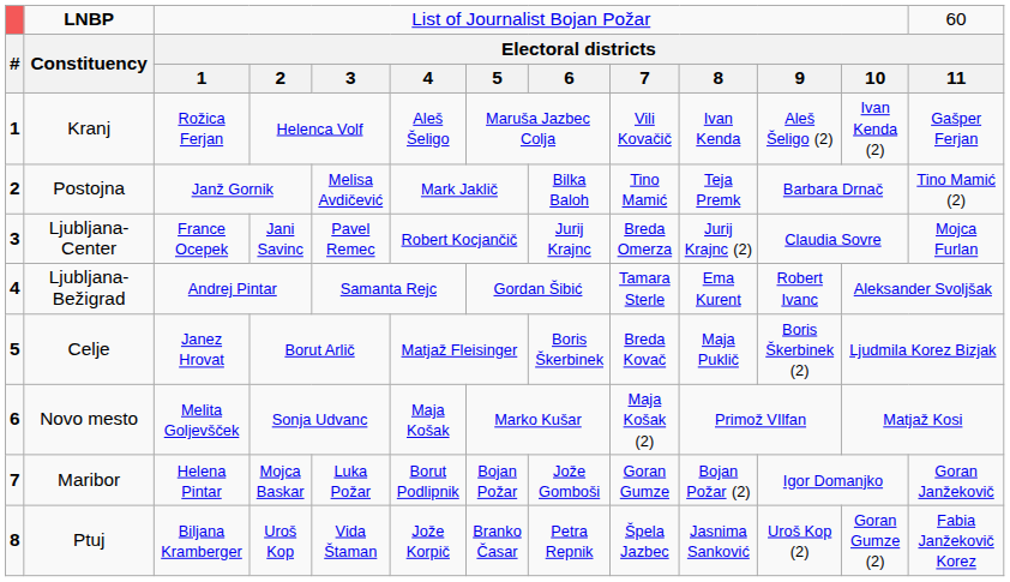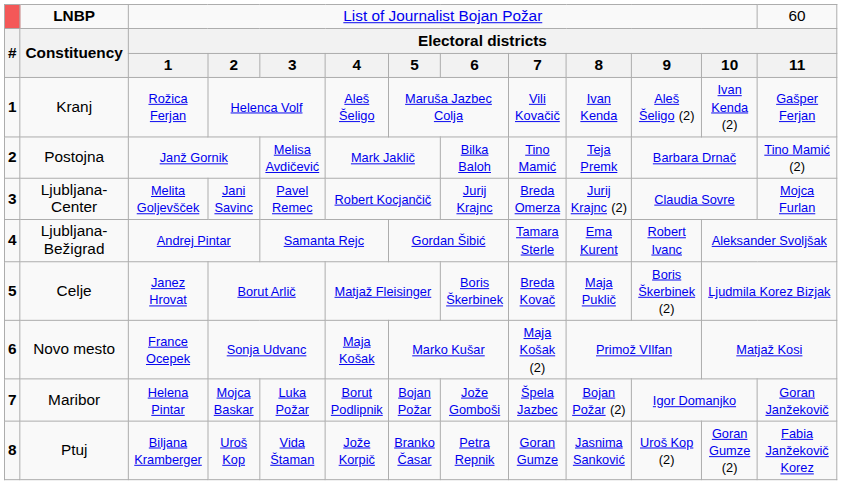 <table class="wikitable" style="text-align: center;">
 <tr>
 <td style="background:#f45858"></td>
 <td><strong>LNBP</strong></td>
 <td colspan="10"><a href='#'>List of Journalist Bojan Požar</a><br></td>
 <td>60<br></td>
 </tr>
 <tr>
 <th rowspan="2">#</th>
 <th rowspan="2">Constituency</th>
 <th colspan="11">Electoral districts</th>
 </tr>
 <tr>
 <th>1</th>
 <th>2</th>
 <th>3</th>
 <th>4</th>
 <th>5</th>
 <th>6</th>
 <th>7</th>
 <th>8</th>
 <th>9</th>
 <th>10</th>
 <th>11</th>
 </tr>
 <tr>
 <td style="text-align:center;"><strong>1</strong></td>
 <td>Kranj</td>
 <td><a href='#'><small>Rožica Ferjan</small></a></td>
 <td colspan="2"><a href='#'><small>Helenca Volf</small></a></td>
 <td><a href='#'><small>Aleš Šeligo</small></a></td>
 <td colspan="2"><a href='#'><small>Maruša Jazbec Colja</small></a></td>
 <td><a href='#'><small>Vili Kovačič</small></a></td>
 <td><a href='#'><small>Ivan Kenda</small></a></td>
 <td><a href='#'><small>Aleš Šeligo</small></a> <small>(2)</small></td>
 <td><a href='#'><small>Ivan Kenda</small></a> <small>(2)</small></td>
 <td><a href='#'><small>Gašper Ferjan</small></a></td>
 </tr>
 <tr>
 <td style="text-align:center;"><strong>2</strong></td>
 <td>Postojna</td>
 <td colspan="2"><a href='#'><small>Janž Gornik</small></a></td>
 <td><a href='#'><small>Melisa Avdičević</small></a></td>
 <td colspan="2"><a href='#'><small>Mark Jaklič</small></a></td>
 <td><a href='#'><small>Bilka Baloh</small></a></td>
 <td><a href='#'><small>Tino Mamić</small></a></td>
 <td><a href='#'><small>Teja Premk</small></a></td>
 <td colspan="2"><a href='#'><small>Barbara Drnač</small></a></td>
 <td><a href='#'><small>Tino Mamić</small></a> <small>(2)</small></td>
 </tr>
 <tr>
 <td style="text-align:center;"><strong>3</strong></td>
 <td>Ljubljana-Center</td>
-<td><a href='#'><small>France Ocepek</small></a></td>
+<td><a href='#'><small>Melita Goljevšček</small></a></td>
 <td><a href='#'><small>Jani Savinc</small></a></td>
 <td><a href='#'><small>Pavel Remec</small></a></td>
 <td colspan="2"><a href='#'><small>Robert Kocjančič</small></a></td>
 <td><a href='#'><small>Jurij Krajnc</small></a></td>
 <td><a href='#'><small>Breda Omerza</small></a></td>
 <td><a href='#'><small>Jurij Krajnc</small></a> <small>(2)</small></td>
 <td colspan="2"><a href='#'><small>Claudia Sovre</small></a></td>
 <td><a href='#'><small>Mojca Furlan</small></a></td>
 </tr>
 <tr>
 <td style="text-align:center;"><strong>4</strong></td>
 <td>Ljubljana-Bežigrad</td>
 <td colspan="2"><a href='#'><small>Andrej Pintar</small></a></td>
 <td colspan="2"><a href='#'><small>Samanta Rejc</small></a></td>
 <td colspan="2"><a href='#'><small>Gordan Šibić</small></a></td>
 <td><a href='#'><small>Tamara Sterle</small></a></td>
 <td><a href='#'><small>Ema Kurent</small></a></td>
 <td><a href='#'><small>Robert Ivanc</small></a></td>
 <td colspan="2"><a href='#'><small>Aleksander Svoljšak</small></a></td>
 </tr>
 <tr>
 <td style="text-align:center;"><strong>5</strong></td>
 <td>Celje</td>
 <td><a href='#'><small>Janez Hrovat</small></a></td>
 <td colspan="2"><a href='#'><small>Borut Arlič</small></a></td>
 <td colspan="2"><a href='#'><small>Matjaž Fleisinger</small></a></td>
 <td><a href='#'><small>Boris Škerbinek</small></a></td>
 <td><a href='#'><small>Breda Kovač</small></a></td>
 <td><a href='#'><small>Maja Puklič</small></a></td>
 <td><a href='#'><small>Boris Škerbinek</small></a> <small>(2)</small></td>
 <td colspan="2"><a href='#'><small>Ljudmila Korez Bizjak</small></a></td>
 </tr>
 <tr>
 <td style="text-align:center;"><strong>6</strong></td>
 <td>Novo mesto</td>
-<td><a href='#'><small>Melita Goljevšček</small></a></td>
+<td><a href='#'><small>France Ocepek</small></a></td>
 <td colspan="2"><a href='#'><small>Sonja Udvanc</small></a></td>
 <td><a href='#'><small>Maja Košak</small></a></td>
 <td colspan="2"><a href='#'><small>Marko Kušar</small></a></td>
 <td><a href='#'><small>Maja Košak</small></a> <small>(2)</small></td>
 <td colspan="2"><a href='#'><small>Primož VIlfan</small></a></td>
 <td colspan="2"><a href='#'><small>Matjaž Kosi</small></a></td>
 </tr>
 <tr>
 <td style="text-align:center;"><strong>7</strong></td>
 <td>Maribor</td>
 <td><a href='#'><small>Helena Pintar</small></a></td>
 <td><a href='#'><small>Mojca Baskar</small></a></td>
 <td><a href='#'><small>Luka Požar</small></a></td>
 <td><a href='#'><small>Borut Podlipnik</small></a></td>
 <td><a href='#'><small>Bojan Požar</small></a></td>
 <td><a href='#'><small>Jože Gomboši</small></a></td>
-<td><a href='#'><small>Goran Gumze</small></a></td>
+<td><a href='#'><small>Špela Jazbec</small></a></td>
 <td><a href='#'><small>Bojan Požar</small></a> <small>(2)</small></td>
 <td colspan="2"><a href='#'><small>Igor Domanjko</small></a></td>
 <td><a href='#'><small>Goran Janžekovič</small></a></td>
 </tr>
 <tr>
 <td style="text-align:center;"><strong>8</strong></td>
 <td>Ptuj</td>
 <td><a href='#'><small>Biljana Kramberger</small></a></td>
 <td><a href='#'><small>Uroš Kop</small></a></td>
 <td><a href='#'><small>Vida Štaman</small></a></td>
 <td><a href='#'><small>Jože Korpič</small></a></td>
 <td><a href='#'><small>Branko Časar</small></a></td>
 <td><a href='#'><small>Petra Repnik</small></a></td>
-<td><a href='#'><small>Špela Jazbec</small></a></td>
+<td><a href='#'><small>Goran Gumze</small></a></td>
 <td><a href='#'><small>Jasnima Sanković</small></a></td>
 <td><a href='#'><small>Uroš Kop</small></a> <small>(2)</small></td>
 <td><a href='#'><small>Goran Gumze</small></a> <small>(2)</small></td>
 <td><a href='#'><small>Fabia Janžekovič Korez</small></a></td>
 </tr>
 </table>
